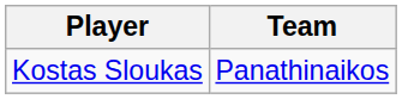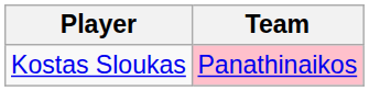 <table class="wikitable">
 <tr>
 <th>Player</th>
 <th>Team</th>
 </tr>
 <tr>
 <td> <a href='#'>Kostas Sloukas</a></td>
-<td><a href='#'>Panathinaikos</a></td>
+<td style="background: pink;"><a href='#'>Panathinaikos</a></td>
 </tr>
 </table>
